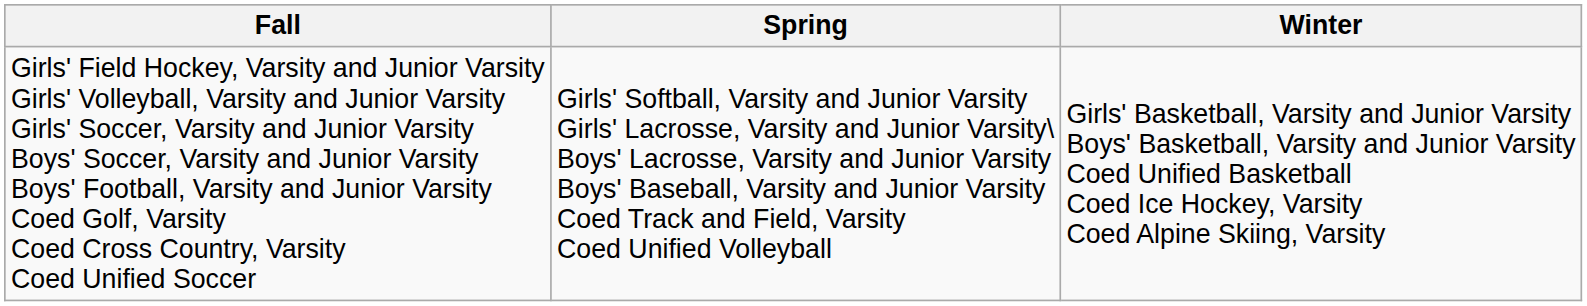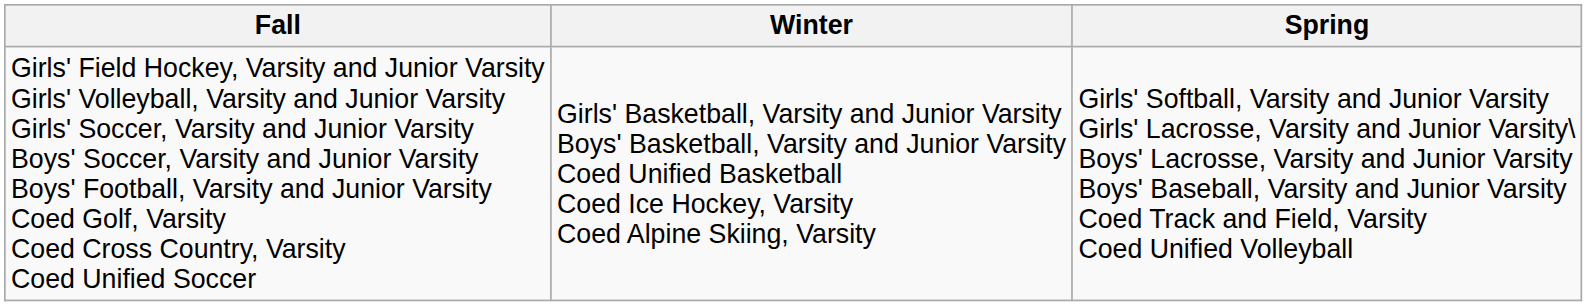 <table class="wikitable">
 <tr>
 <th>Fall</th>
+<th>Winter</th>
 <th>Spring</th>
-<th>Winter</th>
 </tr>
 <tr>
 <td>Girls' Field Hockey, Varsity and Junior Varsity<br>Girls' Volleyball, Varsity and Junior Varsity<br>Girls' Soccer, Varsity and Junior Varsity<br>Boys' Soccer, Varsity and Junior Varsity<br>Boys' Football, Varsity and Junior Varsity<br>Coed Golf, Varsity<br>Coed Cross Country, Varsity<br>Coed Unified Soccer</td>
+<td>Girls' Basketball, Varsity and Junior Varsity<br>Boys' Basketball, Varsity and Junior Varsity<br>Coed Unified Basketball<br>Coed Ice Hockey, Varsity<br>Coed Alpine Skiing, Varsity</td>
 <td>Girls' Softball, Varsity and Junior Varsity<br>Girls' Lacrosse, Varsity and Junior Varsity\<br>Boys' Lacrosse, Varsity and Junior Varsity<br>Boys' Baseball, Varsity and Junior Varsity<br>Coed Track and Field, Varsity<br>Coed Unified Volleyball</td>
-<td>Girls' Basketball, Varsity and Junior Varsity<br>Boys' Basketball, Varsity and Junior Varsity<br>Coed Unified Basketball<br>Coed Ice Hockey, Varsity<br>Coed Alpine Skiing, Varsity</td>
 </tr>
 </table>
